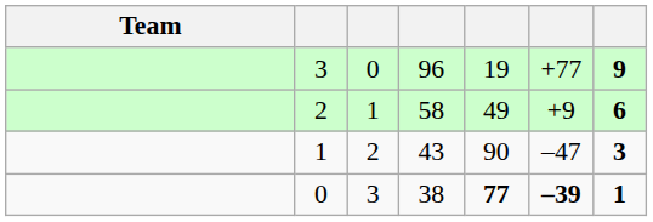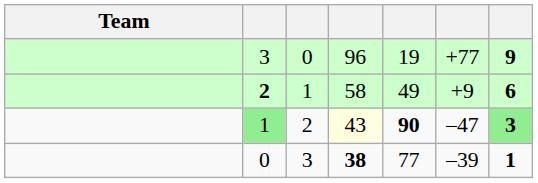 <table class="wikitable" style="text-align:center;">
 <tr>
 <th style="width:10.5em;">Team</th>
 <th style="width:1.5em;"></th>
 <th style="width:1.5em;"></th>
 <th style="width:2.0em;"></th>
 <th style="width:2.0em;"></th>
 <th style="width:2.0em;"></th>
 <th style="width:1.5em;"></th>
 </tr>
 <tr bgcolor=#cfc>
 <td align="left"></td>
 <td>3</td>
 <td>0</td>
 <td>96</td>
 <td>19</td>
 <td>+77</td>
 <td><strong>9</strong></td>
 </tr>
 <tr bgcolor=#cfc>
 <td align="left"></td>
-<td>2</td>
+<td><strong>2</strong></td>
 <td>1</td>
 <td>58</td>
 <td>49</td>
 <td>+9</td>
 <td><strong>6</strong></td>
 </tr>
 <tr>
 <td align="left"></td>
-<td>1</td>
+<td style="background: lightgreen;">1</td>
 <td>2</td>
-<td>43</td>
-<td>90</td>
+<td style="background: lightyellow;">43</td>
+<td><strong>90</strong></td>
 <td>–47</td>
-<td><strong>3</strong></td>
+<td style="background: lightgreen;"><strong>3</strong></td>
 </tr>
 <tr>
 <td align="left"></td>
 <td>0</td>
 <td>3</td>
-<td>38</td>
-<td><strong>77</strong></td>
-<td><strong>–39</strong></td>
+<td><strong>38</strong></td>
+<td>77</td>
+<td>–39</td>
 <td><strong>1</strong></td>
 </tr>
 </table>
